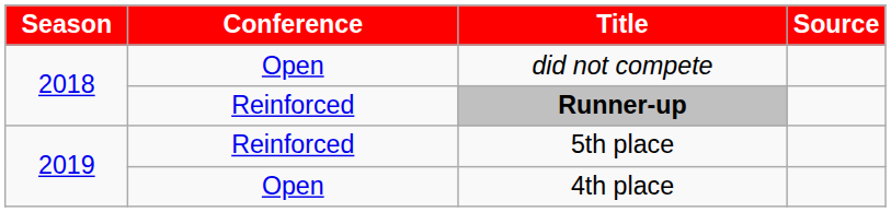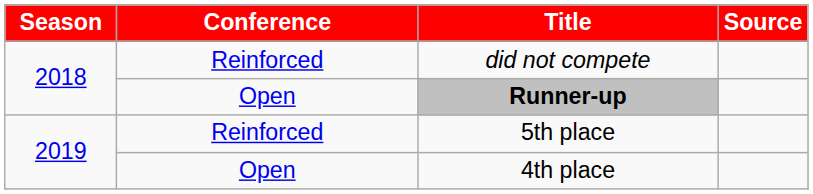 <table class="wikitable">
 <tr>
 <th width=70px style="background:red; color:white; text-align: center"><strong>Season</strong></th>
 <th width=200px style="background:red; color:white;">Conference</th>
 <th width=200px style="background:red; color:white;">Title</th>
 <th width=50px style="background:red; color:white;">Source</th>
 </tr>
 <tr align=center>
 <td rowspan=2><a href='#'>2018</a></td>
-<td><a href='#'>Open</a></td>
+<td><a href='#'>Reinforced</a></td>
 <td><em>did not compete</em></td>
 <td></td>
 </tr>
 <tr align=center>
-<td><a href='#'>Reinforced</a></td>
+<td><a href='#'>Open</a></td>
 <td style="background:silver"><strong>Runner-up</strong></td>
 <td></td>
 </tr>
 <tr align=center>
 <td rowspan=2><a href='#'>2019</a></td>
 <td><a href='#'>Reinforced</a></td>
 <td>5th place</td>
 <td></td>
 </tr>
 <tr align=center>
 <td><a href='#'>Open</a></td>
 <td>4th place</td>
 <td></td>
 </tr>
 </table>
